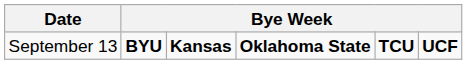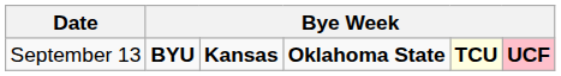 <table class="wikitable" style="font-size:95%;">
 <tr>
 <th>Date</th>
 <th colspan="7">Bye Week</th>
 </tr>
 <tr>
 <td>September 13</td>
 <td><strong>BYU</strong></td>
 <td><strong>Kansas</strong></td>
 <td><strong>Oklahoma State</strong></td>
-<td><strong>TCU</strong></td>
-<td><strong>UCF</strong></td>
+<td style="background: lightyellow;"><strong>TCU</strong></td>
+<td style="background: pink;"><strong>UCF</strong></td>
 </tr>
 </table>
